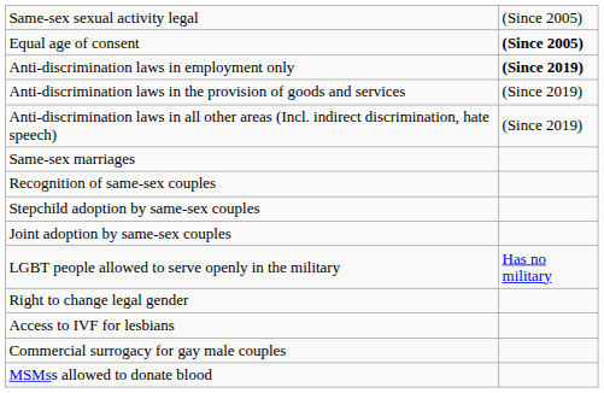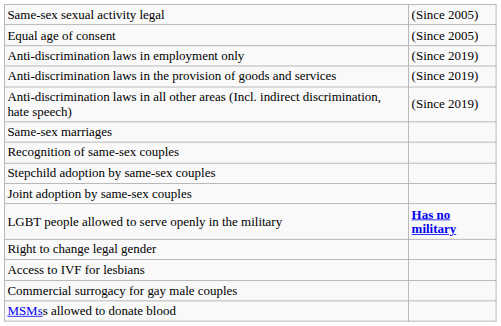 <table class="wikitable">
 <tr>
 <td>Same-sex sexual activity legal</td>
 <td> (Since 2005)</td>
 </tr>
 <tr>
 <td>Equal age of consent</td>
-<td><strong> (Since 2005)</strong></td>
+<td> (Since 2005)</td>
 </tr>
 <tr>
 <td>Anti-discrimination laws in employment only</td>
-<td><strong> (Since 2019)</strong></td>
+<td> (Since 2019)</td>
 </tr>
 <tr>
 <td>Anti-discrimination laws in the provision of goods and services</td>
 <td> (Since 2019)</td>
 </tr>
 <tr>
 <td>Anti-discrimination laws in all other areas (Incl. indirect discrimination, hate speech)</td>
 <td> (Since 2019)</td>
 </tr>
 <tr>
 <td>Same-sex marriages</td>
 <td></td>
 </tr>
 <tr>
 <td>Recognition of same-sex couples</td>
 <td></td>
 </tr>
 <tr>
 <td>Stepchild adoption by same-sex couples</td>
 <td></td>
 </tr>
 <tr>
 <td>Joint adoption by same-sex couples</td>
 <td></td>
 </tr>
 <tr>
 <td>LGBT people allowed to serve openly in the military</td>
-<td><a href='#'>Has no military</a></td>
+<td><strong><a href='#'>Has no military</a></strong></td>
 </tr>
 <tr>
 <td>Right to change legal gender</td>
 <td></td>
 </tr>
 <tr>
 <td>Access to IVF for lesbians</td>
 <td></td>
 </tr>
 <tr>
 <td>Commercial surrogacy for gay male couples</td>
 <td></td>
 </tr>
 <tr>
 <td><a href='#'>MSMs</a>s allowed to donate blood</td>
 <td></td>
 </tr>
 </table>
